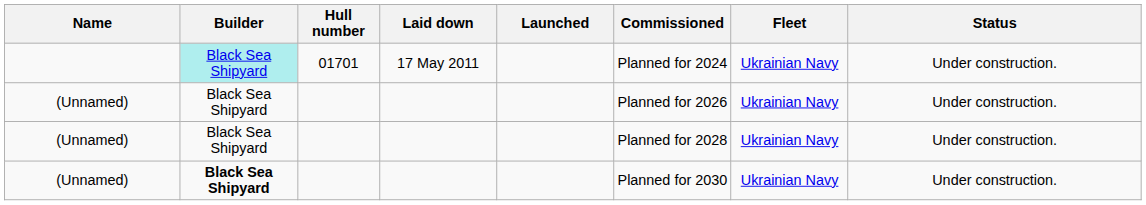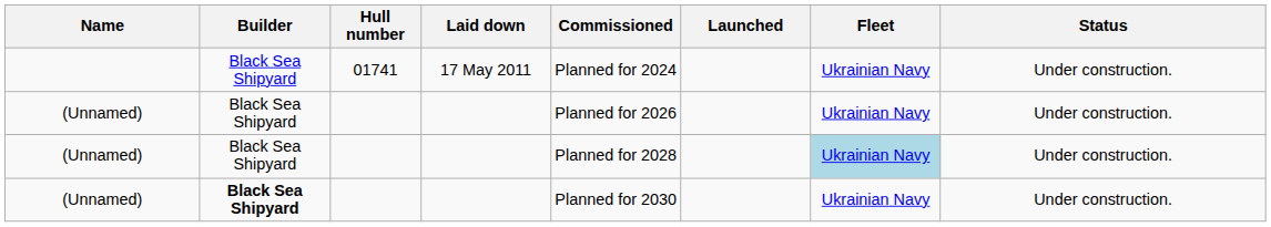 <table class="wikitable" style="text-align:center;" width="100%">
 <tr>
 <th width="15%">Name</th>
 <th width="10%">Builder</th>
 <th width="7%">Hull number</th>
 <th width="10%">Laid down</th>
+<th width="10%">Commissioned</th>
 <th width="10%">Launched</th>
-<th width="10%">Commissioned</th>
 <th width="10%">Fleet</th>
 <th width="25%">Status</th>
 </tr>
 <tr>
 <td></td>
-<td style="background: paleturquoise;"><a href='#'>Black Sea Shipyard</a></td>
-<td>01701</td>
+<td><a href='#'>Black Sea Shipyard</a></td>
+<td>01741</td>
 <td>17 May 2011</td>
+<td>Planned for 2024</td>
 <td></td>
-<td>Planned for 2024</td>
 <td><a href='#'>Ukrainian Navy</a></td>
 <td>Under construction.</td>
 </tr>
 <tr>
 <td>(Unnamed)</td>
 <td>Black Sea Shipyard</td>
 <td></td>
 <td></td>
+<td>Planned for 2026</td>
 <td></td>
-<td>Planned for 2026</td>
 <td><a href='#'>Ukrainian Navy</a></td>
 <td>Under construction.</td>
 </tr>
 <tr>
 <td>(Unnamed)</td>
 <td>Black Sea Shipyard</td>
 <td></td>
 <td></td>
+<td>Planned for 2028</td>
 <td></td>
-<td>Planned for 2028</td>
-<td><a href='#'>Ukrainian Navy</a></td>
+<td style="background: lightblue;"><a href='#'>Ukrainian Navy</a></td>
 <td>Under construction.</td>
 </tr>
 <tr>
 <td>(Unnamed)</td>
 <td><strong>Black Sea Shipyard</strong></td>
 <td></td>
 <td></td>
+<td>Planned for 2030</td>
 <td></td>
-<td>Planned for 2030</td>
 <td><a href='#'>Ukrainian Navy</a></td>
 <td>Under construction.</td>
 </tr>
 </table>
